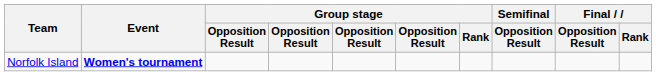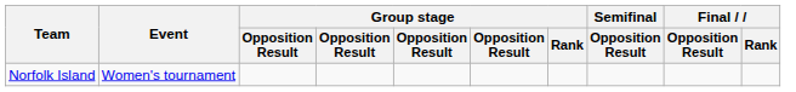 <table class=wikitable style=font-size:90%>
 <tr>
 <th rowspan=2>Team</th>
 <th rowspan=2>Event</th>
 <th colspan=5>Group stage</th>
 <th>Semifinal</th>
 <th colspan=2>Final /  / </th>
 </tr>
 <tr style=font-size:95%>
 <th>Opposition<br>Result</th>
 <th>Opposition<br>Result</th>
 <th>Opposition<br>Result</th>
 <th>Opposition<br>Result</th>
 <th>Rank</th>
 <th>Opposition<br>Result</th>
 <th>Opposition<br>Result</th>
 <th>Rank</th>
 </tr>
 <tr align=center>
 <td align=left><a href='#'>Norfolk Island</a></td>
-<td align=left><strong><a href='#'>Women's tournament</a></strong></td>
+<td align=left><a href='#'>Women's tournament</a></td>
 <td><br></td>
 <td><br></td>
 <td><br></td>
 <td></td>
 <td></td>
 <td></td>
 <td></td>
 <td></td>
 </tr>
 </table>
